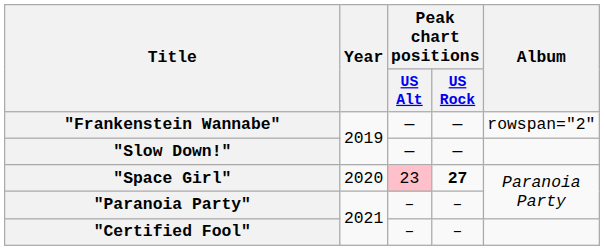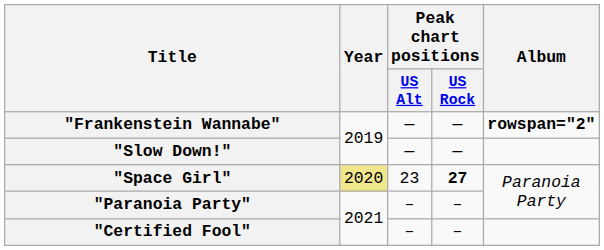 <table class="wikitable plainrowheaders" style="text-align:center;">
 <tr>
 <th rowspan="2" style="width:20em;">Title</th>
 <th rowspan="2" style="width:1em;">Year</th>
 <th colspan="2" style="width:5em;">Peak chart positions</th>
 <th rowspan="2" style="width:5em;">Album</th>
 </tr>
 <tr>
 <th scope="col" style="width:2em;font-size:90%;"><a href='#'>US<br>Alt</a><br></th>
 <th scope="col" style="width:2em;font-size:90%;"><a href='#'>US<br>Rock</a><br></th>
 </tr>
 <tr>
 <th scope="row">"Frankenstein Wannabe"</th>
 <td rowspan="2">2019</td>
 <td>―</td>
 <td>―</td>
-<td>rowspan="2" </td>
+<td><strong>rowspan="2" </strong></td>
 </tr>
 <tr>
 <th scope="row">"Slow Down!"<br></th>
 <td>―</td>
 <td>―</td>
 </tr>
 <tr>
 <th scope="row">"Space Girl"<br></th>
-<td>2020</td>
-<td style="background: pink;">23</td>
+<td style="background: khaki;">2020</td>
+<td>23</td>
 <td><strong>27</strong></td>
 <td rowspan="2"><em>Paranoia Party</em></td>
 </tr>
 <tr>
 <th scope="row">"Paranoia Party"</th>
 <td rowspan="2">2021</td>
 <td>–</td>
 <td>–</td>
 </tr>
 <tr>
 <th scope="row">"Certified Fool"</th>
 <td>–</td>
 <td>–</td>
 <td></td>
 </tr>
 </table>
